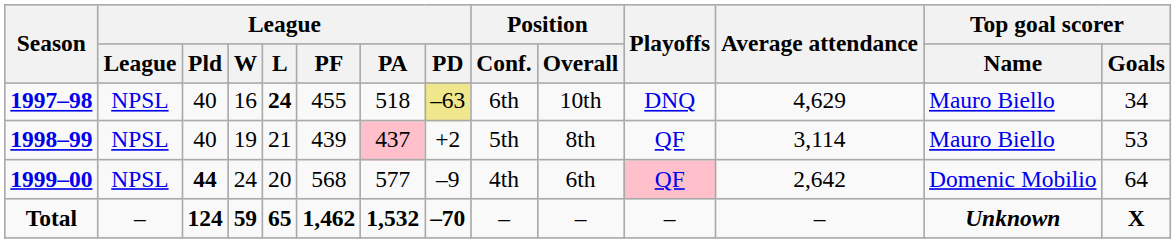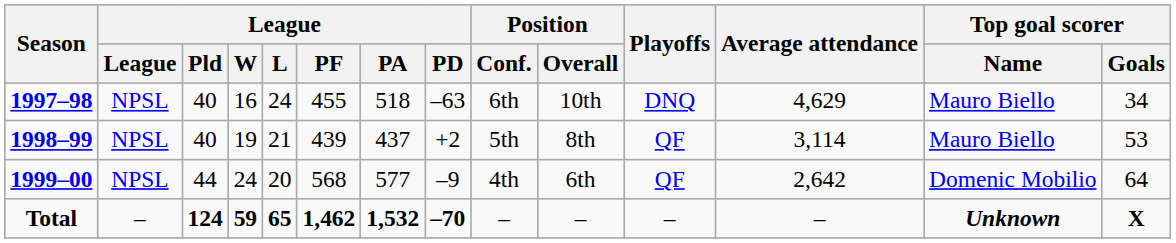 <table class="wikitable" style="font-size:90%; text-align:center;">
 <tr style="background:#f0f6ff;">
 <th rowspan=2>Season</th>
 <th colspan=7>League</th>
 <th colspan=2>Position</th>
 <th rowspan=2>Playoffs</th>
 <th rowspan=2>Average attendance</th>
 <th colspan=2>Top goal scorer</th>
 </tr>
 <tr>
 <th>League</th>
 <th>Pld</th>
 <th>W</th>
 <th>L</th>
 <th>PF</th>
 <th>PA</th>
 <th>PD</th>
 <th>Conf.</th>
 <th>Overall</th>
 <th>Name</th>
 <th>Goals</th>
 </tr>
 <tr>
 <td><strong><a href='#'>1997–98</a></strong></td>
 <td><a href='#'>NPSL</a></td>
 <td>40</td>
 <td>16</td>
-<td><strong>24</strong></td>
+<td>24</td>
 <td>455</td>
 <td>518</td>
-<td style="background: khaki;">–63</td>
+<td>–63</td>
 <td>6th</td>
 <td>10th</td>
 <td><a href='#'>DNQ</a></td>
 <td>4,629</td>
 <td align="left"> <a href='#'>Mauro Biello</a></td>
 <td>34</td>
 </tr>
 <tr>
 <td><strong><a href='#'>1998–99</a></strong></td>
 <td><a href='#'>NPSL</a></td>
 <td>40</td>
 <td>19</td>
 <td>21</td>
 <td>439</td>
-<td style="background: pink;">437</td>
+<td>437</td>
 <td>+2</td>
 <td>5th</td>
 <td>8th</td>
 <td><a href='#'>QF</a></td>
 <td>3,114</td>
 <td align="left"> <a href='#'>Mauro Biello</a></td>
 <td>53</td>
 </tr>
 <tr>
 <td><strong><a href='#'>1999–00</a></strong></td>
 <td><a href='#'>NPSL</a></td>
-<td><strong>44</strong></td>
+<td>44</td>
 <td>24</td>
 <td>20</td>
 <td>568</td>
 <td>577</td>
 <td>–9</td>
 <td>4th</td>
 <td>6th</td>
-<td style="background: pink;"><a href='#'>QF</a></td>
+<td><a href='#'>QF</a></td>
 <td>2,642</td>
 <td align="left"> <a href='#'>Domenic Mobilio</a></td>
 <td>64</td>
 </tr>
 <tr>
 <td><strong>Total</strong></td>
 <td>–</td>
 <td><strong>124</strong></td>
 <td><strong>59</strong></td>
 <td><strong>65</strong></td>
 <td><strong>1,462</strong></td>
 <td><strong>1,532</strong></td>
 <td><strong>–70</strong></td>
 <td>–</td>
 <td>–</td>
 <td>–</td>
 <td>–</td>
 <td align="center"><strong><em>Unknown</em></strong></td>
 <td><strong>X</strong></td>
 </tr>
 </table>
